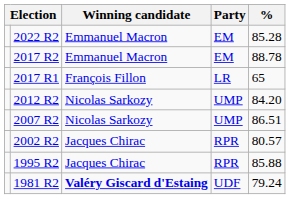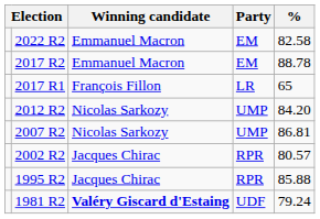 <table class="wikitable">
 <tr>
 <th colspan="2">Election</th>
 <th>Winning candidate</th>
 <th>Party</th>
 <th>%</th>
 </tr>
 <tr>
 <td style="background-color: "></td>
 <td><a href='#'>2022 R2</a></td>
 <td><a href='#'>Emmanuel Macron</a></td>
 <td><a href='#'>EM</a></td>
-<td>85.28</td>
+<td>82.58</td>
 </tr>
 <tr>
 <td style="background-color: "></td>
 <td><a href='#'>2017 R2</a></td>
 <td><a href='#'>Emmanuel Macron</a></td>
 <td><a href='#'>EM</a></td>
 <td>88.78</td>
 </tr>
 <tr>
 <td style="background-color: "></td>
 <td><a href='#'>2017 R1</a></td>
 <td><a href='#'>François Fillon</a></td>
 <td><a href='#'>LR</a></td>
 <td>65</td>
 </tr>
 <tr>
 <td style="background-color: "></td>
 <td><a href='#'>2012 R2</a></td>
 <td><a href='#'>Nicolas Sarkozy</a></td>
 <td><a href='#'>UMP</a></td>
 <td>84.20</td>
 </tr>
 <tr>
 <td style="background-color: "></td>
 <td><a href='#'>2007 R2</a></td>
 <td><a href='#'>Nicolas Sarkozy</a></td>
 <td><a href='#'>UMP</a></td>
-<td>86.51</td>
+<td>86.81</td>
 </tr>
 <tr>
 <td style="background-color: "></td>
 <td><a href='#'>2002 R2</a></td>
 <td><a href='#'>Jacques Chirac</a></td>
 <td><a href='#'>RPR</a></td>
 <td>80.57</td>
 </tr>
 <tr>
 <td style="background-color: "></td>
 <td><a href='#'>1995 R2</a></td>
 <td><a href='#'>Jacques Chirac</a></td>
 <td><a href='#'>RPR</a></td>
 <td>85.88</td>
 </tr>
 <tr>
 <td style="background-color: "></td>
 <td><a href='#'>1981 R2</a></td>
 <td><strong><a href='#'>Valéry Giscard d'Estaing</a></strong></td>
 <td><a href='#'>UDF</a></td>
 <td>79.24</td>
 </tr>
 </table>
